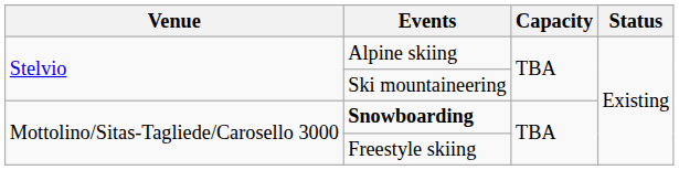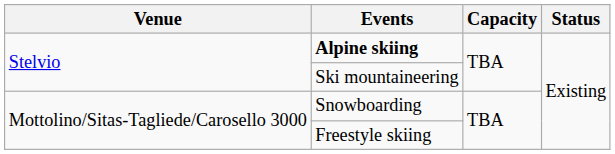 <table class="wikitable sortable">
 <tr>
 <th>Venue</th>
 <th>Events</th>
 <th>Capacity</th>
 <th>Status</th>
 </tr>
 <tr>
 <td rowspan=2><a href='#'>Stelvio</a></td>
-<td>Alpine skiing</td>
+<td><strong>Alpine skiing</strong></td>
 <td rowspan=2>TBA</td>
 <td rowspan="4">Existing</td>
 </tr>
 <tr>
 <td>Ski mountaineering</td>
 </tr>
 <tr>
 <td rowspan=2>Mottolino/Sitas-Tagliede/Carosello 3000</td>
-<td><strong>Snowboarding</strong></td>
+<td>Snowboarding</td>
 <td rowspan=2>TBA</td>
 </tr>
 <tr>
 <td>Freestyle skiing</td>
 </tr>
 </table>
